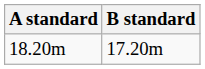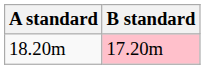 <table class="wikitable" border="1" align="upright">
 <tr>
 <th>A standard</th>
 <th>B standard</th>
 </tr>
 <tr>
 <td>18.20m</td>
-<td>17.20m</td>
+<td style="background: pink;">17.20m</td>
 </tr>
 </table>
